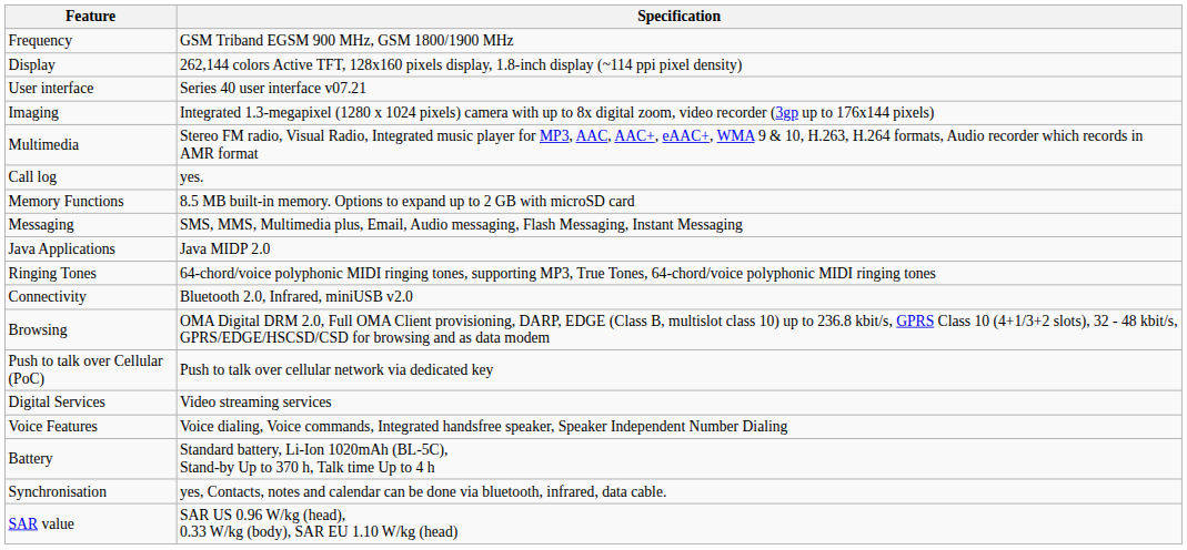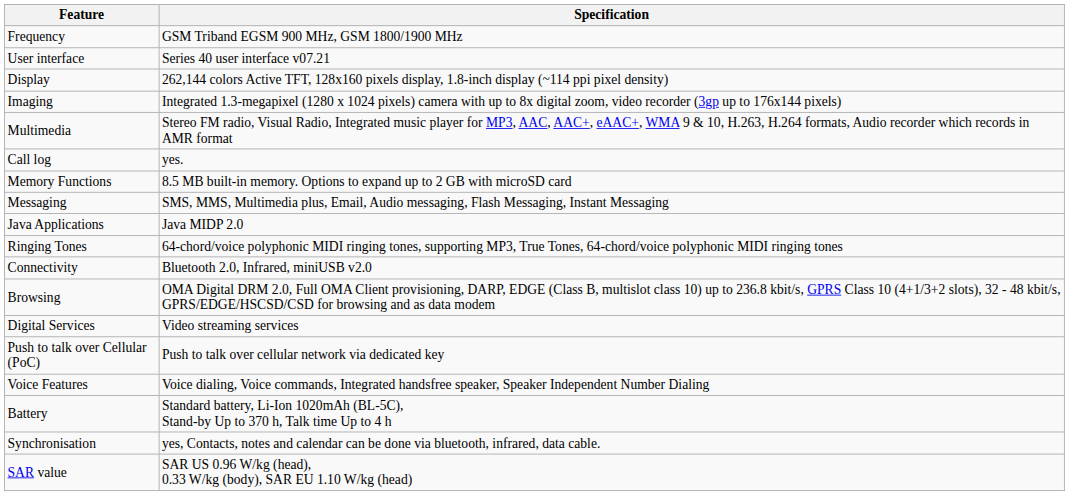 <table class="wikitable">
 <tr>
 <th>Feature</th>
 <th>Specification</th>
 </tr>
 <tr>
 <td>Frequency</td>
 <td>GSM Triband EGSM 900 MHz, GSM 1800/1900 MHz</td>
 </tr>
 <tr>
+<td>User interface</td>
+<td>Series 40 user interface v07.21</td>
+</tr>
+<tr>
 <td>Display</td>
 <td>262,144 colors Active TFT, 128x160 pixels display, 1.8-inch display (~114 ppi pixel density)</td>
-</tr>
-<tr>
-<td>User interface</td>
-<td>Series 40 user interface v07.21</td>
 </tr>
 <tr>
 <td>Imaging</td>
 <td>Integrated 1.3-megapixel (1280 x 1024 pixels) camera with up to 8x digital zoom, video recorder (<a href='#'>3gp</a> up to 176x144 pixels)</td>
 </tr>
 <tr>
 <td>Multimedia</td>
 <td>Stereo FM radio, Visual Radio, Integrated music player for <a href='#'>MP3</a>, <a href='#'>AAC</a>, <a href='#'>AAC+</a>, <a href='#'>eAAC+</a>, <a href='#'>WMA</a> 9 & 10, H.263, H.264 formats, Audio recorder which records in AMR format</td>
 </tr>
 <tr>
 <td>Call log</td>
 <td>yes.</td>
 </tr>
 <tr>
 <td>Memory Functions</td>
 <td>8.5 MB built-in memory. Options to expand up to 2 GB with microSD card</td>
 </tr>
 <tr>
 <td>Messaging</td>
 <td>SMS, MMS, Multimedia plus, Email, Audio messaging, Flash Messaging, Instant Messaging</td>
 </tr>
 <tr>
 <td>Java Applications</td>
 <td>Java MIDP 2.0</td>
 </tr>
 <tr>
 <td>Ringing Tones</td>
 <td>64-chord/voice polyphonic MIDI ringing tones, supporting MP3, True Tones, 64-chord/voice polyphonic MIDI ringing tones</td>
 </tr>
 <tr>
 <td>Connectivity</td>
 <td>Bluetooth 2.0, Infrared, miniUSB v2.0</td>
 </tr>
 <tr>
 <td>Browsing</td>
 <td>OMA Digital DRM 2.0, Full OMA Client provisioning, DARP, EDGE (Class B, multislot class 10) up to 236.8 kbit/s, <a href='#'>GPRS</a> Class 10 (4+1/3+2 slots), 32 - 48 kbit/s, GPRS/EDGE/HSCSD/CSD for browsing and as data modem</td>
 </tr>
 <tr>
+<td>Digital Services</td>
+<td>Video streaming services</td>
+</tr>
+<tr>
 <td>Push to talk over Cellular (PoC)</td>
 <td>Push to talk over cellular network via dedicated key</td>
-</tr>
-<tr>
-<td>Digital Services</td>
-<td>Video streaming services</td>
 </tr>
 <tr>
 <td>Voice Features</td>
 <td>Voice dialing, Voice commands, Integrated handsfree speaker, Speaker Independent Number Dialing</td>
 </tr>
 <tr>
 <td>Battery</td>
 <td>Standard battery, Li-Ion 1020mAh (BL-5C),<br>Stand-by Up to 370 h, Talk time Up to 4 h</td>
 </tr>
 <tr>
 <td>Synchronisation</td>
 <td>yes, Contacts, notes and calendar can be done via bluetooth, infrared, data cable.</td>
 </tr>
 <tr>
 <td><a href='#'>SAR</a> value</td>
 <td>SAR US 0.96 W/kg (head),<br>0.33 W/kg (body), SAR EU 1.10 W/kg (head)</td>
 </tr>
 </table>
